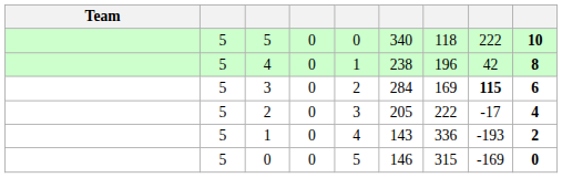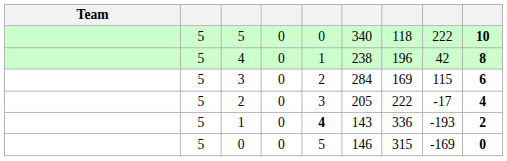 <table class=wikitable style="text-align:center">
 <tr>
 <th width=200>Team</th>
 <th width=40></th>
 <th width=40></th>
 <th width=40></th>
 <th width=40></th>
 <th width=40></th>
 <th width=40></th>
 <th width=40></th>
 <th width=40></th>
 </tr>
 <tr style="background:#ccffcc">
 <td align=left></td>
 <td>5</td>
 <td>5</td>
 <td>0</td>
 <td>0</td>
 <td>340</td>
 <td>118</td>
 <td>222</td>
 <td><strong>10</strong></td>
 </tr>
 <tr style="background:#ccffcc">
 <td align=left></td>
 <td>5</td>
 <td>4</td>
 <td>0</td>
 <td>1</td>
 <td>238</td>
 <td>196</td>
 <td>42</td>
 <td><strong>8</strong></td>
 </tr>
 <tr style="background:white;">
 <td align=left></td>
 <td>5</td>
 <td>3</td>
 <td>0</td>
 <td>2</td>
 <td>284</td>
 <td>169</td>
-<td><strong>115</strong></td>
+<td>115</td>
 <td><strong>6</strong></td>
 </tr>
 <tr style="background:white">
 <td align=left></td>
 <td>5</td>
 <td>2</td>
 <td>0</td>
 <td>3</td>
 <td>205</td>
 <td>222</td>
 <td>-17</td>
 <td><strong>4</strong></td>
 </tr>
 <tr style="background:white;">
 <td align=left></td>
 <td>5</td>
 <td>1</td>
 <td>0</td>
-<td>4</td>
+<td><strong>4</strong></td>
 <td>143</td>
 <td>336</td>
 <td>-193</td>
 <td><strong>2</strong></td>
 </tr>
 <tr style="background:white">
 <td align=left></td>
 <td>5</td>
 <td>0</td>
 <td>0</td>
 <td>5</td>
 <td>146</td>
 <td>315</td>
 <td>-169</td>
 <td><strong>0</strong></td>
 </tr>
 </table>
